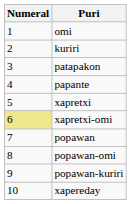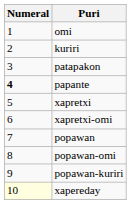 <table class="wikitable">
 <tr>
 <th>Numeral</th>
 <th>Puri</th>
 </tr>
 <tr>
 <td>1</td>
 <td>omi</td>
 </tr>
 <tr>
 <td>2</td>
 <td>kuriri</td>
 </tr>
 <tr>
 <td>3</td>
 <td>patapakon</td>
 </tr>
 <tr>
-<td>4</td>
+<td><strong>4</strong></td>
 <td>papante</td>
 </tr>
 <tr>
 <td>5</td>
 <td>xapretxi</td>
 </tr>
 <tr>
-<td style="background: khaki;">6</td>
+<td>6</td>
 <td>xapretxi-omi</td>
 </tr>
 <tr>
 <td>7</td>
 <td>popawan</td>
 </tr>
 <tr>
 <td>8</td>
 <td>popawan-omi</td>
 </tr>
 <tr>
 <td>9</td>
 <td>popawan-kuriri</td>
 </tr>
 <tr>
-<td>10</td>
+<td style="background: lightyellow;">10</td>
 <td>xapereday</td>
 </tr>
 </table>
